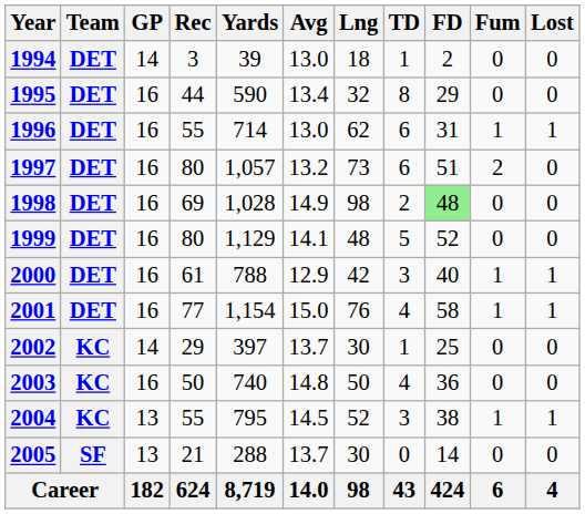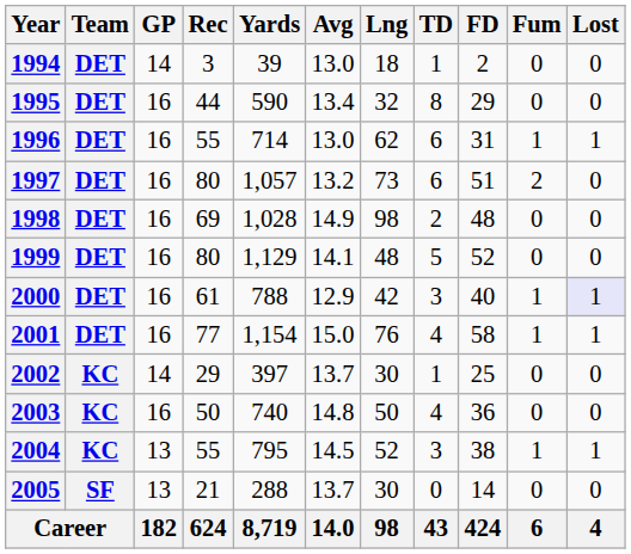 <table class="wikitable" style="text-align: center;">
 <tr>
 <th>Year</th>
 <th>Team</th>
 <th>GP</th>
 <th>Rec</th>
 <th>Yards</th>
 <th>Avg</th>
 <th>Lng</th>
 <th>TD</th>
 <th>FD</th>
 <th>Fum</th>
 <th>Lost</th>
 </tr>
 <tr>
 <th><a href='#'>1994</a></th>
 <th><a href='#'>DET</a></th>
 <td>14</td>
 <td>3</td>
 <td>39</td>
 <td>13.0</td>
 <td>18</td>
 <td>1</td>
 <td>2</td>
 <td>0</td>
 <td>0</td>
 </tr>
 <tr>
 <th><a href='#'>1995</a></th>
 <th><a href='#'>DET</a></th>
 <td>16</td>
 <td>44</td>
 <td>590</td>
 <td>13.4</td>
 <td>32</td>
 <td>8</td>
 <td>29</td>
 <td>0</td>
 <td>0</td>
 </tr>
 <tr>
 <th><a href='#'>1996</a></th>
 <th><a href='#'>DET</a></th>
 <td>16</td>
 <td>55</td>
 <td>714</td>
 <td>13.0</td>
 <td>62</td>
 <td>6</td>
 <td>31</td>
 <td>1</td>
 <td>1</td>
 </tr>
 <tr>
 <th><a href='#'>1997</a></th>
 <th><a href='#'>DET</a></th>
 <td>16</td>
 <td>80</td>
 <td>1,057</td>
 <td>13.2</td>
 <td>73</td>
 <td>6</td>
 <td>51</td>
 <td>2</td>
 <td>0</td>
 </tr>
 <tr>
 <th><a href='#'>1998</a></th>
 <th><a href='#'>DET</a></th>
 <td>16</td>
 <td>69</td>
 <td>1,028</td>
 <td>14.9</td>
 <td>98</td>
 <td>2</td>
-<td style="background: lightgreen;">48</td>
+<td>48</td>
 <td>0</td>
 <td>0</td>
 </tr>
 <tr>
 <th><a href='#'>1999</a></th>
 <th><a href='#'>DET</a></th>
 <td>16</td>
 <td>80</td>
 <td>1,129</td>
 <td>14.1</td>
 <td>48</td>
 <td>5</td>
 <td>52</td>
 <td>0</td>
 <td>0</td>
 </tr>
 <tr>
 <th><a href='#'>2000</a></th>
 <th><a href='#'>DET</a></th>
 <td>16</td>
 <td>61</td>
 <td>788</td>
 <td>12.9</td>
 <td>42</td>
 <td>3</td>
 <td>40</td>
 <td>1</td>
-<td>1</td>
+<td style="background: lavender;">1</td>
 </tr>
 <tr>
 <th><a href='#'>2001</a></th>
 <th><a href='#'>DET</a></th>
 <td>16</td>
 <td>77</td>
 <td>1,154</td>
 <td>15.0</td>
 <td>76</td>
 <td>4</td>
 <td>58</td>
 <td>1</td>
 <td>1</td>
 </tr>
 <tr>
 <th><a href='#'>2002</a></th>
 <th><a href='#'>KC</a></th>
 <td>14</td>
 <td>29</td>
 <td>397</td>
 <td>13.7</td>
 <td>30</td>
 <td>1</td>
 <td>25</td>
 <td>0</td>
 <td>0</td>
 </tr>
 <tr>
 <th><a href='#'>2003</a></th>
 <th><a href='#'>KC</a></th>
 <td>16</td>
 <td>50</td>
 <td>740</td>
 <td>14.8</td>
 <td>50</td>
 <td>4</td>
 <td>36</td>
 <td>0</td>
 <td>0</td>
 </tr>
 <tr>
 <th><a href='#'>2004</a></th>
 <th><a href='#'>KC</a></th>
 <td>13</td>
 <td>55</td>
 <td>795</td>
 <td>14.5</td>
 <td>52</td>
 <td>3</td>
 <td>38</td>
 <td>1</td>
 <td>1</td>
 </tr>
 <tr>
 <th><a href='#'>2005</a></th>
 <th><a href='#'>SF</a></th>
 <td>13</td>
 <td>21</td>
 <td>288</td>
 <td>13.7</td>
 <td>30</td>
 <td>0</td>
 <td>14</td>
 <td>0</td>
 <td>0</td>
 </tr>
 <tr>
 <th colspan="2">Career</th>
 <th>182</th>
 <th>624</th>
 <th>8,719</th>
 <th>14.0</th>
 <th>98</th>
 <th>43</th>
 <th>424</th>
 <th>6</th>
 <th>4</th>
 </tr>
 </table>
